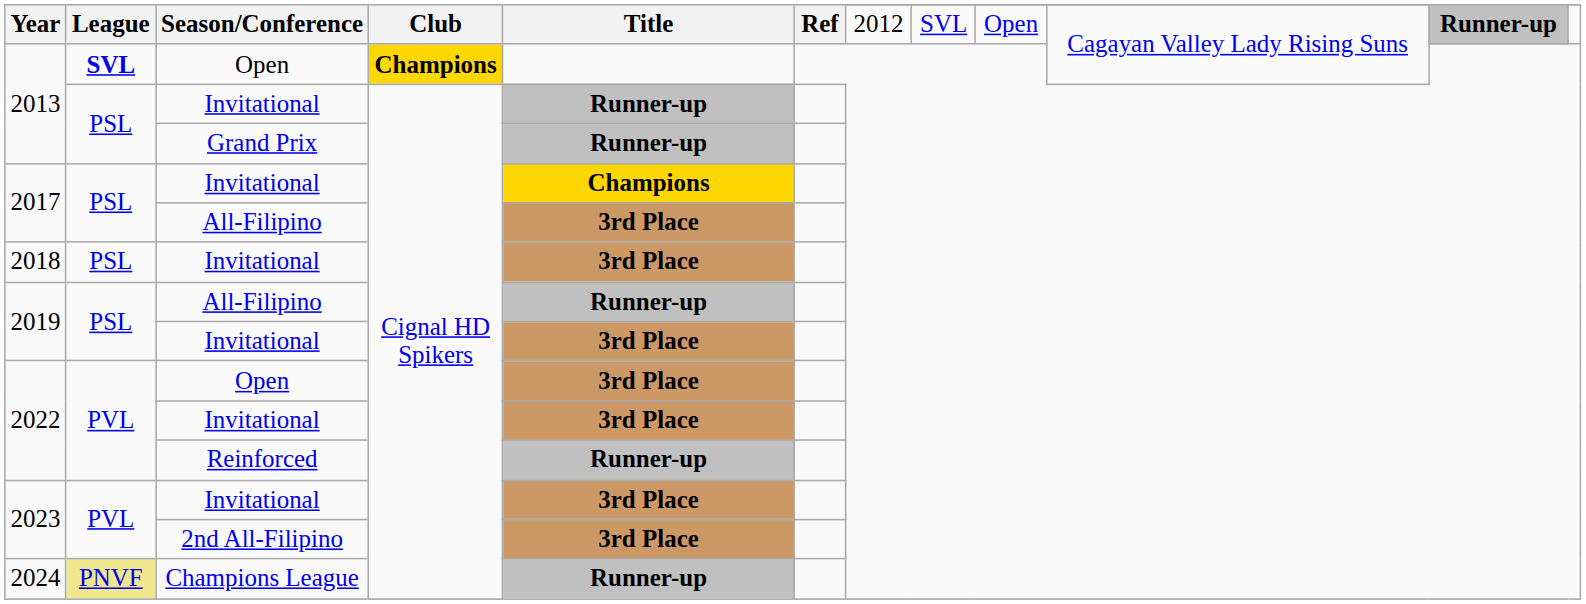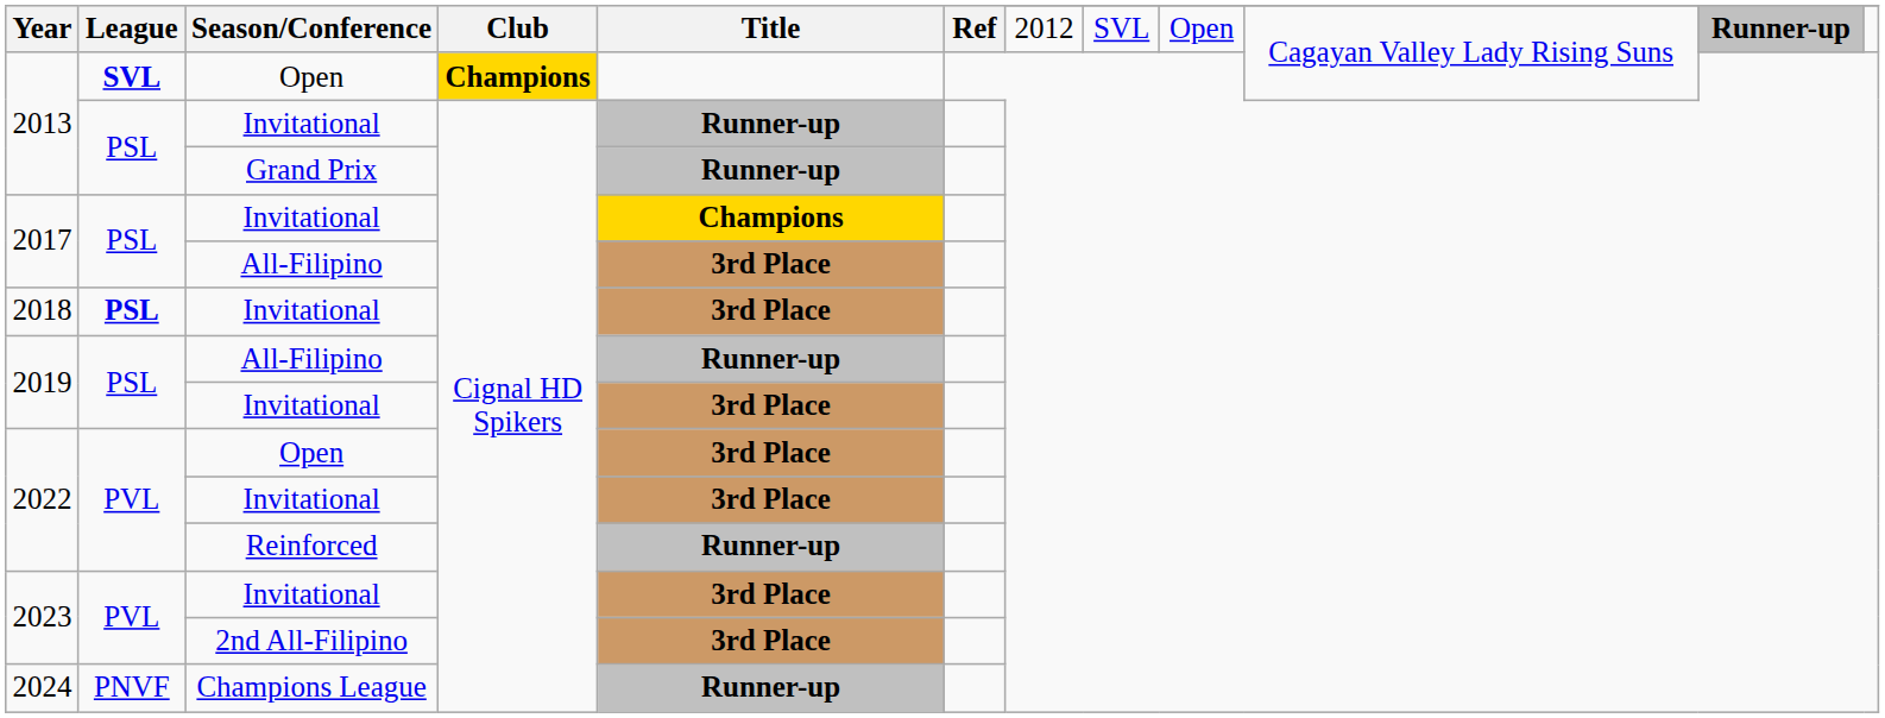 <table class="wikitable sortable" style="text-align:center" width="80%">
 <tr>
 <th style="width:5px;" rowspan="2">Year</th>
 <th style="width:25px;" rowspan="2">League</th>
 <th style="width:100px;" rowspan="2">Season/Conference</th>
 <th style="width:25px;" rowspan="2">Club</th>
 <th style="width:180px;" rowspan="2">Title</th>
 <th style="width:25px;" rowspan="2">Ref</th>
 </tr>
 <tr>
 <td>2012</td>
 <td><a href='#'>SVL</a></td>
 <td><a href='#'>Open</a></td>
 <td rowspan="2"><a href='#'>Cagayan Valley Lady Rising Suns</a></td>
 <td style="background:silver"><strong>Runner-up</strong></td>
 <td></td>
 </tr>
 <tr>
 <td rowspan="3">2013</td>
 <td><strong><a href='#'>SVL</a></strong></td>
 <td>Open</td>
 <td style="background:gold"><strong>Champions</strong></td>
 <td></td>
 </tr>
 <tr>
 <td rowspan="2"><a href='#'>PSL</a></td>
 <td><a href='#'>Invitational</a></td>
 <td rowspan="13"><a href='#'>Cignal HD Spikers</a></td>
 <td style="background:silver;"><strong>Runner-up</strong></td>
 <td></td>
 </tr>
 <tr>
 <td><a href='#'>Grand Prix</a></td>
 <td style="background:silver;"><strong>Runner-up</strong></td>
 <td></td>
 </tr>
 <tr>
 <td rowspan="2">2017</td>
 <td rowspan="2"><a href='#'>PSL</a></td>
 <td><a href='#'>Invitational</a></td>
 <td style="background:gold"><strong>Champions</strong></td>
 <td></td>
 </tr>
 <tr>
 <td><a href='#'>All-Filipino</a></td>
 <td style="background:#c96;"><strong>3rd Place</strong></td>
 <td></td>
 </tr>
 <tr>
 <td>2018</td>
-<td><a href='#'>PSL</a></td>
+<td><strong><a href='#'>PSL</a></strong></td>
 <td><a href='#'>Invitational</a></td>
 <td style="background:#c96;"><strong>3rd Place</strong></td>
 <td></td>
 </tr>
 <tr>
 <td rowspan="2">2019</td>
 <td rowspan="2"><a href='#'>PSL</a></td>
 <td><a href='#'>All-Filipino</a></td>
 <td style="background:silver;"><strong>Runner-up</strong></td>
 <td></td>
 </tr>
 <tr>
 <td><a href='#'>Invitational</a></td>
 <td style="background:#c96;"><strong>3rd Place</strong></td>
 <td></td>
 </tr>
 <tr>
 <td rowspan="3">2022</td>
 <td rowspan="3"><a href='#'>PVL</a></td>
 <td><a href='#'>Open</a></td>
 <td style="background:#c96;"><strong>3rd Place</strong></td>
 <td></td>
 </tr>
 <tr>
 <td><a href='#'>Invitational</a></td>
 <td style="background:#c96;"><strong>3rd Place</strong></td>
 <td></td>
 </tr>
 <tr>
 <td><a href='#'>Reinforced</a></td>
 <td style="background:silver;"><strong>Runner-up</strong></td>
 <td></td>
 </tr>
 <tr>
 <td rowspan="2">2023</td>
 <td rowspan=2><a href='#'>PVL</a></td>
 <td><a href='#'>Invitational</a></td>
 <td style="background:#c96;"><strong>3rd Place</strong></td>
 <td></td>
 </tr>
 <tr>
 <td><a href='#'>2nd All-Filipino</a></td>
 <td style="background:#c96;"><strong>3rd Place</strong></td>
 <td></td>
 </tr>
 <tr>
 <td>2024</td>
-<td style="background: khaki;"><a href='#'>PNVF</a></td>
+<td><a href='#'>PNVF</a></td>
 <td><a href='#'>Champions League</a></td>
 <td style="background:silver;"><strong>Runner-up</strong></td>
 <td></td>
 </tr>
 </table>
